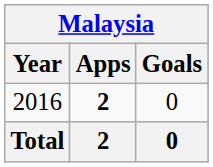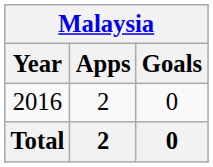 <table class="wikitable" style="text-align:center">
 <tr>
 <th colspan=3><a href='#'>Malaysia</a></th>
 </tr>
 <tr>
 <th>Year</th>
 <th>Apps</th>
 <th>Goals</th>
 </tr>
 <tr>
 <td>2016</td>
-<td><strong>2</strong></td>
+<td>2</td>
 <td>0</td>
 </tr>
 <tr>
 <th>Total</th>
 <th>2</th>
 <th>0</th>
 </tr>
 </table>
